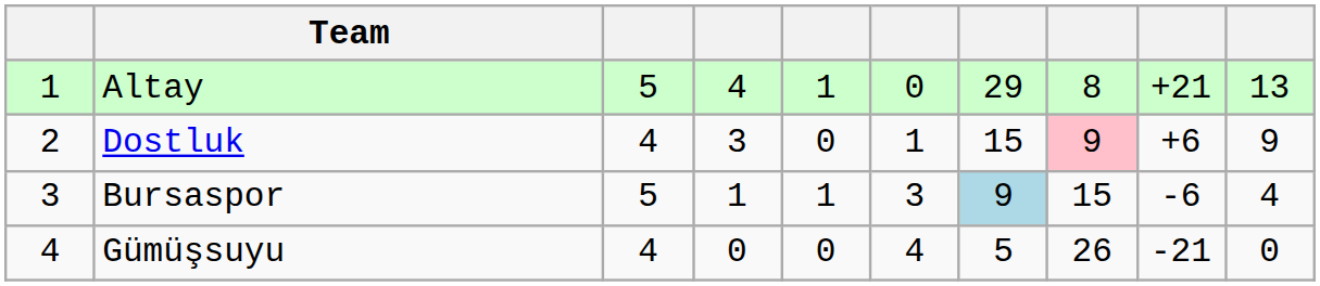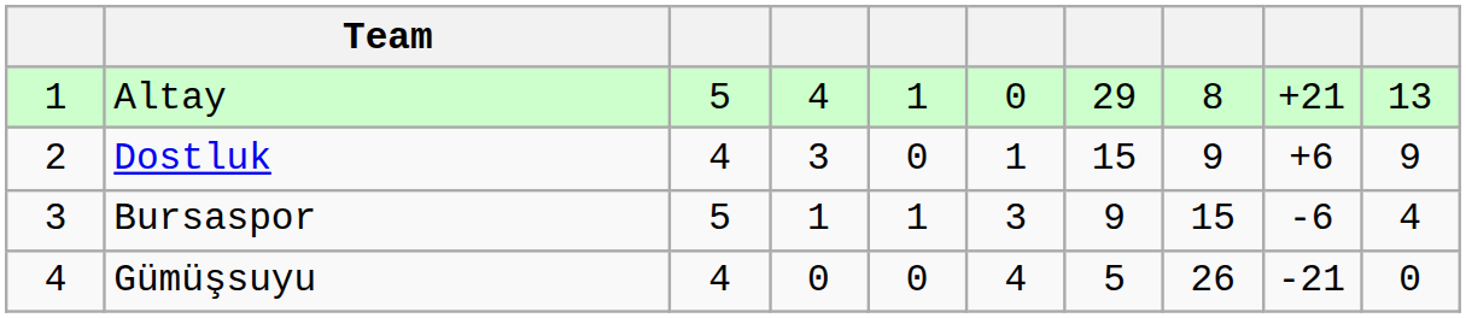 <table class=wikitable>
 <tr>
 <th width=28></th>
 <th width=190>Team</th>
 <th width=28></th>
 <th width=28></th>
 <th width=28></th>
 <th width=28></th>
 <th width=28></th>
 <th width=28></th>
 <th width=28></th>
 <th width=28></th>
 </tr>
 <tr align=center bgcolor=#cfc>
 <td>1</td>
 <td align=left>Altay</td>
 <td>5</td>
 <td>4</td>
 <td>1</td>
 <td>0</td>
 <td>29</td>
 <td>8</td>
 <td>+21</td>
 <td>13</td>
 </tr>
 <tr align=center>
 <td>2</td>
 <td align=left><a href='#'>Dostluk</a></td>
 <td>4</td>
 <td>3</td>
 <td>0</td>
 <td>1</td>
 <td>15</td>
-<td style="background: pink;">9</td>
+<td>9</td>
 <td>+6</td>
 <td>9</td>
 </tr>
 <tr align=center>
 <td>3</td>
 <td align=left>Bursaspor</td>
 <td>5</td>
 <td>1</td>
 <td>1</td>
 <td>3</td>
-<td style="background: lightblue;">9</td>
+<td>9</td>
 <td>15</td>
 <td>-6</td>
 <td>4</td>
 </tr>
 <tr align=center>
 <td>4</td>
 <td align=left>Gümüşsuyu</td>
 <td>4</td>
 <td>0</td>
 <td>0</td>
 <td>4</td>
 <td>5</td>
 <td>26</td>
 <td>-21</td>
 <td>0</td>
 </tr>
 </table>
